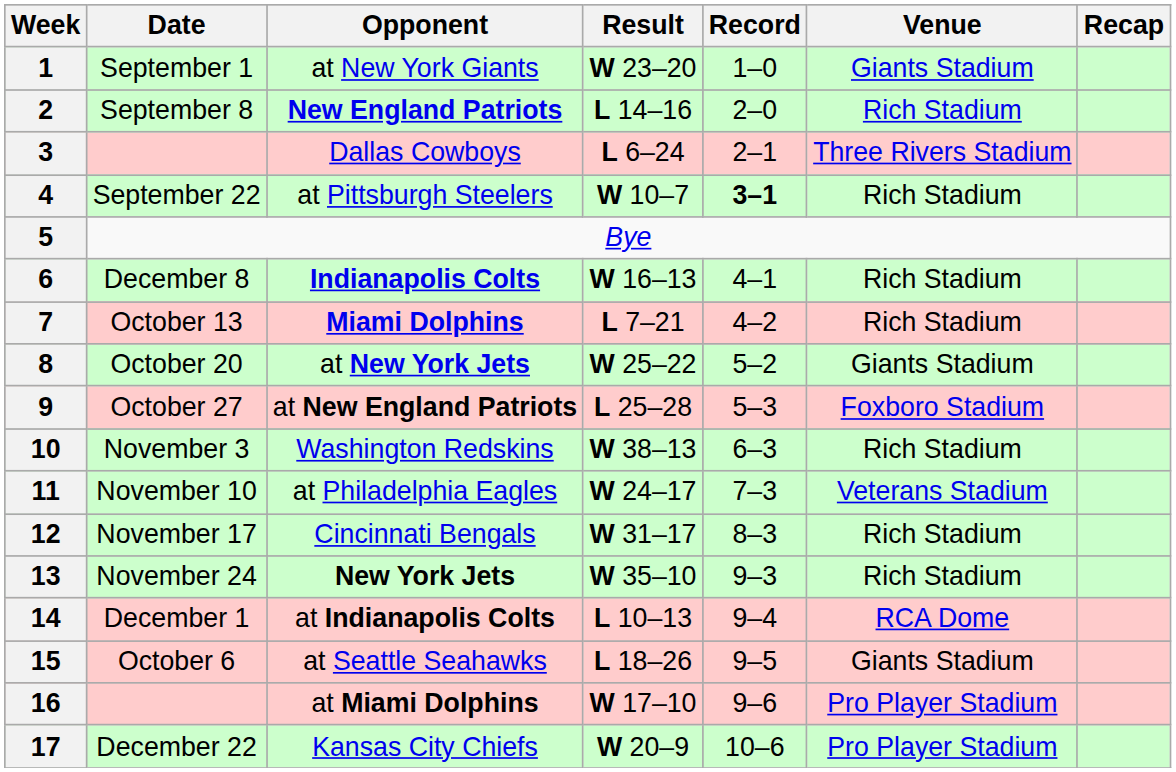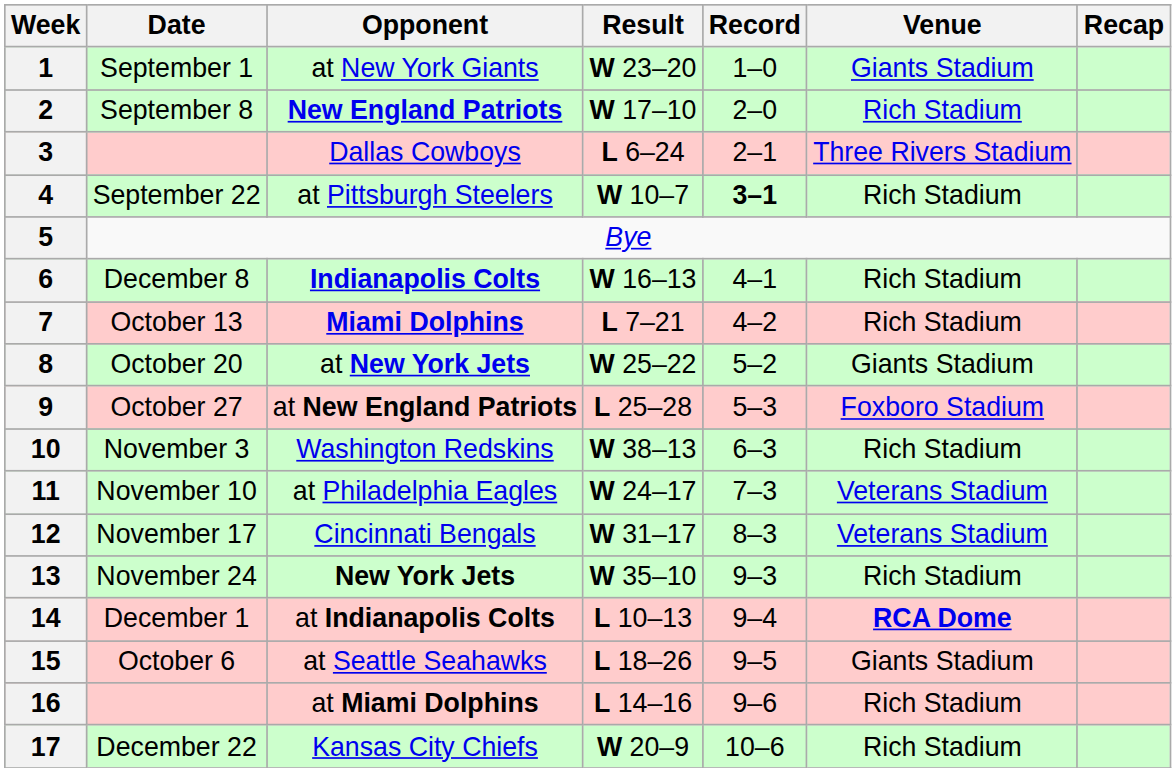 <table class="wikitable" style="text-align:center">
 <tr>
 <th>Week</th>
 <th>Date</th>
 <th>Opponent</th>
 <th>Result</th>
 <th>Record</th>
 <th>Venue</th>
 <th>Recap</th>
 </tr>
 <tr style="background: #cfc;">
 <th>1</th>
 <td>September 1</td>
 <td>at <a href='#'>New York Giants</a></td>
 <td><strong>W</strong> 23–20 </td>
 <td>1–0</td>
 <td><a href='#'>Giants Stadium</a></td>
 <td></td>
 </tr>
 <tr style="background: #cfc;">
 <th>2</th>
 <td>September 8</td>
 <td><strong><a href='#'>New England Patriots</a></strong></td>
-<td><strong>L</strong> 14–16</td>
+<td><strong>W</strong> 17–10</td>
 <td>2–0</td>
 <td><a href='#'>Rich Stadium</a></td>
 <td></td>
 </tr>
 <tr style="background: #fcc;">
 <th>3</th>
 <td></td>
 <td><a href='#'>Dallas Cowboys</a></td>
 <td><strong>L</strong> 6–24</td>
 <td>2–1</td>
 <td><a href='#'>Three Rivers Stadium</a></td>
 <td></td>
 </tr>
 <tr style="background: #cfc;">
 <th>4</th>
 <td>September 22</td>
 <td>at <a href='#'>Pittsburgh Steelers</a></td>
 <td><strong>W</strong> 10–7</td>
 <td><strong>3–1</strong></td>
 <td>Rich Stadium</td>
 <td></td>
 </tr>
 <tr>
 <th>5</th>
 <td colspan=6 align="center"><em><a href='#'>Bye</a></em></td>
 </tr>
 <tr style="background: #cfc">
 <th>6</th>
 <td>December 8</td>
 <td><strong><a href='#'>Indianapolis Colts</a></strong></td>
 <td><strong>W</strong> 16–13 </td>
 <td>4–1</td>
 <td>Rich Stadium</td>
 <td></td>
 </tr>
 <tr style="background: #fcc;">
 <th>7</th>
 <td>October 13</td>
 <td><strong><a href='#'>Miami Dolphins</a></strong></td>
 <td><strong>L</strong> 7–21</td>
 <td>4–2</td>
 <td>Rich Stadium</td>
 <td></td>
 </tr>
 <tr style="background: #cfc;">
 <th>8</th>
 <td>October 20</td>
 <td>at  <strong><a href='#'>New York Jets</a></strong></td>
 <td><strong>W</strong> 25–22</td>
 <td>5–2</td>
 <td>Giants Stadium</td>
 <td></td>
 </tr>
 <tr style="background: #fcc;">
 <th>9</th>
 <td>October 27</td>
 <td>at <strong>New England Patriots</strong></td>
 <td><strong>L</strong>  25–28</td>
 <td>5–3</td>
 <td><a href='#'>Foxboro Stadium</a></td>
 <td></td>
 </tr>
 <tr style="background: #cfc;">
 <th>10</th>
 <td>November 3</td>
 <td><a href='#'>Washington Redskins</a></td>
 <td><strong>W</strong> 38–13</td>
 <td>6–3</td>
 <td>Rich Stadium</td>
 <td></td>
 </tr>
 <tr style="background: #cfc;">
 <th>11</th>
 <td>November 10</td>
 <td>at <a href='#'>Philadelphia Eagles</a></td>
 <td><strong>W</strong> 24–17</td>
 <td>7–3</td>
 <td><a href='#'>Veterans Stadium</a></td>
 <td></td>
 </tr>
 <tr style="background: #cfc;">
 <th>12</th>
 <td>November 17</td>
 <td><a href='#'>Cincinnati Bengals</a></td>
 <td><strong>W</strong> 31–17</td>
 <td>8–3</td>
-<td>Rich Stadium</td>
+<td><a href='#'>Veterans Stadium</a></td>
 <td></td>
 </tr>
 <tr style="background: #cfc;">
 <th>13</th>
 <td>November 24</td>
 <td><strong>New York Jets</strong></td>
 <td><strong>W</strong> 35–10</td>
 <td>9–3</td>
 <td>Rich Stadium</td>
 <td></td>
 </tr>
 <tr style="background: #fcc;">
 <th>14</th>
 <td>December 1</td>
 <td>at <strong>Indianapolis Colts</strong></td>
 <td><strong>L</strong> 10–13 </td>
 <td>9–4</td>
-<td><a href='#'>RCA Dome</a></td>
+<td><strong><a href='#'>RCA Dome</a></strong></td>
 <td></td>
 </tr>
 <tr style="background: #fcc;">
 <th>15</th>
 <td>October 6</td>
 <td>at <a href='#'>Seattle Seahawks</a></td>
 <td><strong>L</strong> 18–26</td>
 <td>9–5</td>
 <td>Giants Stadium</td>
 <td></td>
 </tr>
 <tr style="background: #fcc;">
 <th>16</th>
 <td></td>
 <td>at <strong>Miami Dolphins</strong></td>
-<td><strong>W</strong> 17–10</td>
+<td><strong>L</strong> 14–16</td>
 <td>9–6</td>
-<td><a href='#'>Pro Player Stadium</a></td>
+<td>Rich Stadium</td>
 <td></td>
 </tr>
 <tr style="background: #cfc;">
 <th>17</th>
 <td>December 22</td>
 <td><a href='#'>Kansas City Chiefs</a></td>
 <td><strong>W</strong> 20–9</td>
 <td>10–6</td>
-<td><a href='#'>Pro Player Stadium</a></td>
+<td>Rich Stadium</td>
 <td></td>
 </tr>
 </table>
